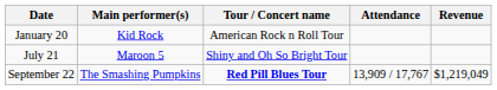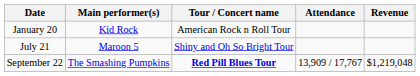 <table class="wikitable"  style="text-align:center; font-size:95%;">
 <tr>
 <th style="text-align:center;">Date</th>
 <th style="text-align:center;">Main performer(s)</th>
 <th style="text-align:center;">Tour / Concert name</th>
 <th style="text-align:center;">Attendance</th>
 <th style="text-align:center;">Revenue</th>
 </tr>
 <tr>
 <td>January 20</td>
 <td><a href='#'>Kid Rock</a></td>
 <td>American Rock n Roll Tour</td>
 <td></td>
 <td></td>
 </tr>
 <tr>
 <td>July 21</td>
 <td><a href='#'>Maroon 5</a></td>
 <td><a href='#'>Shiny and Oh So Bright Tour</a></td>
 <td></td>
 <td></td>
 </tr>
 <tr>
 <td>September 22</td>
 <td><a href='#'>The Smashing Pumpkins</a></td>
 <td><strong><a href='#'>Red Pill Blues Tour</a></strong></td>
 <td>13,909 / 17,767</td>
-<td>$1,219,049</td>
+<td>$1,219,048</td>
 </tr>
 </table>
